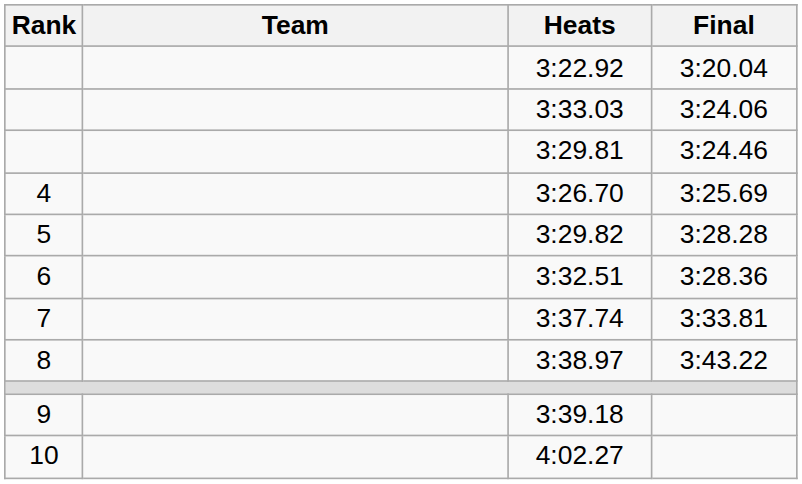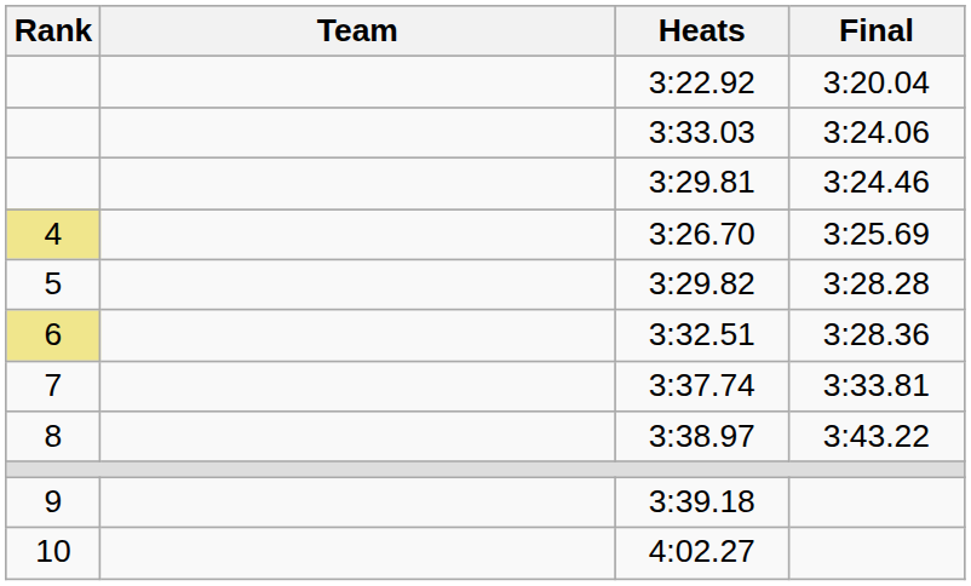 <table class=wikitable style="text-align:center">
 <tr>
 <th width=40>Rank</th>
 <th width=250>Team</th>
 <th width=80>Heats</th>
 <th width=80>Final</th>
 </tr>
 <tr>
 <td></td>
 <td align=left></td>
 <td>3:22.92</td>
 <td>3:20.04</td>
 </tr>
 <tr>
 <td></td>
 <td align=left></td>
 <td>3:33.03</td>
 <td>3:24.06</td>
 </tr>
 <tr>
 <td></td>
 <td align=left></td>
 <td>3:29.81</td>
 <td>3:24.46</td>
 </tr>
 <tr>
-<td>4</td>
+<td style="background: khaki;">4</td>
 <td align=left></td>
 <td>3:26.70</td>
 <td>3:25.69</td>
 </tr>
 <tr>
 <td>5</td>
 <td align=left></td>
 <td>3:29.82</td>
 <td>3:28.28</td>
 </tr>
 <tr>
-<td>6</td>
+<td style="background: khaki;">6</td>
 <td align=left></td>
 <td>3:32.51</td>
 <td>3:28.36</td>
 </tr>
 <tr>
 <td>7</td>
 <td align=left></td>
 <td>3:37.74</td>
 <td>3:33.81</td>
 </tr>
 <tr>
 <td>8</td>
 <td align=left></td>
 <td>3:38.97</td>
 <td>3:43.22</td>
 </tr>
 <tr bgcolor=#DDDDDD>
 <td colspan=4></td>
 </tr>
 <tr>
 <td>9</td>
 <td align=left></td>
 <td>3:39.18</td>
 <td></td>
 </tr>
 <tr>
 <td>10</td>
 <td align=left></td>
 <td>4:02.27</td>
 <td></td>
 </tr>
 </table>
